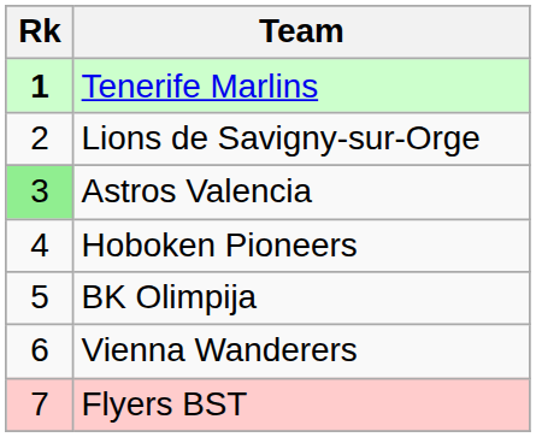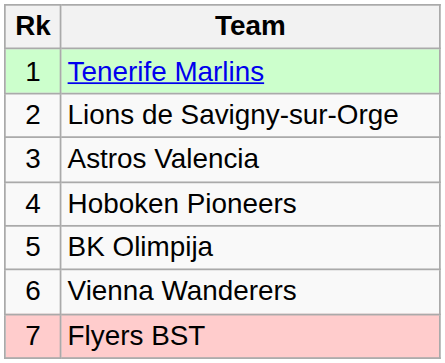 <table class="wikitable" style="text-align:center">
 <tr>
 <th width="25">Rk</th>
 <th width="210">Team</th>
 </tr>
 <tr style="background-color:#ccffcc;">
-<td><strong>1</strong></td>
+<td>1</td>
 <td style="text-align:left;"> <a href='#'>Tenerife Marlins</a></td>
 </tr>
 <tr>
 <td>2</td>
 <td style="text-align:left;"> Lions de Savigny-sur-Orge</td>
 </tr>
 <tr>
-<td style="background: lightgreen;">3</td>
+<td>3</td>
 <td style="text-align:left;"> Astros Valencia</td>
 </tr>
 <tr>
 <td>4</td>
 <td style="text-align:left;"> Hoboken Pioneers</td>
 </tr>
 <tr>
 <td>5</td>
 <td style="text-align:left;"> BK Olimpija</td>
 </tr>
 <tr>
 <td>6</td>
 <td style="text-align:left;"> Vienna Wanderers</td>
 </tr>
 <tr style="background-color:#ffcccc;">
 <td>7</td>
 <td style="text-align:left;"> Flyers BST</td>
 </tr>
 </table>
